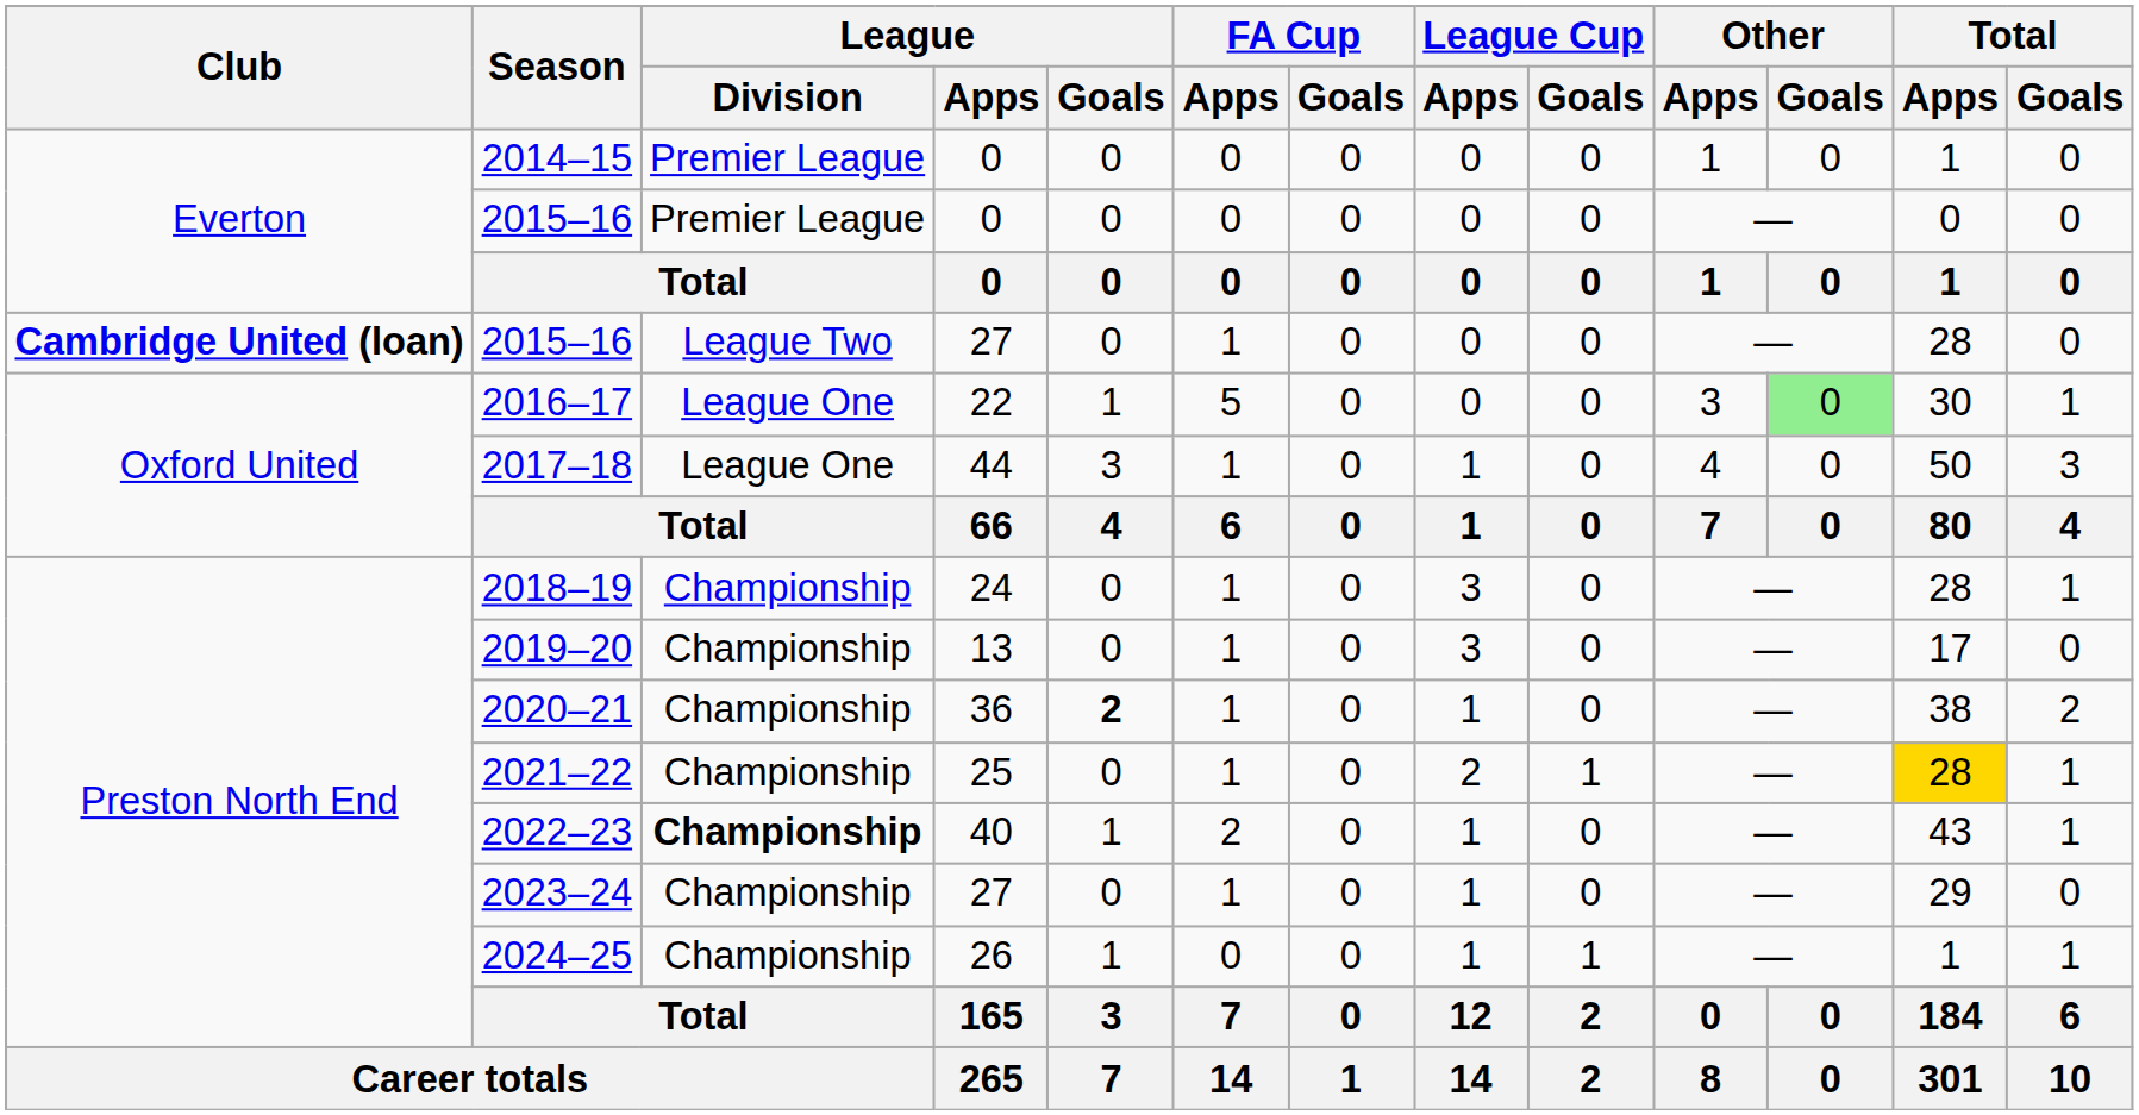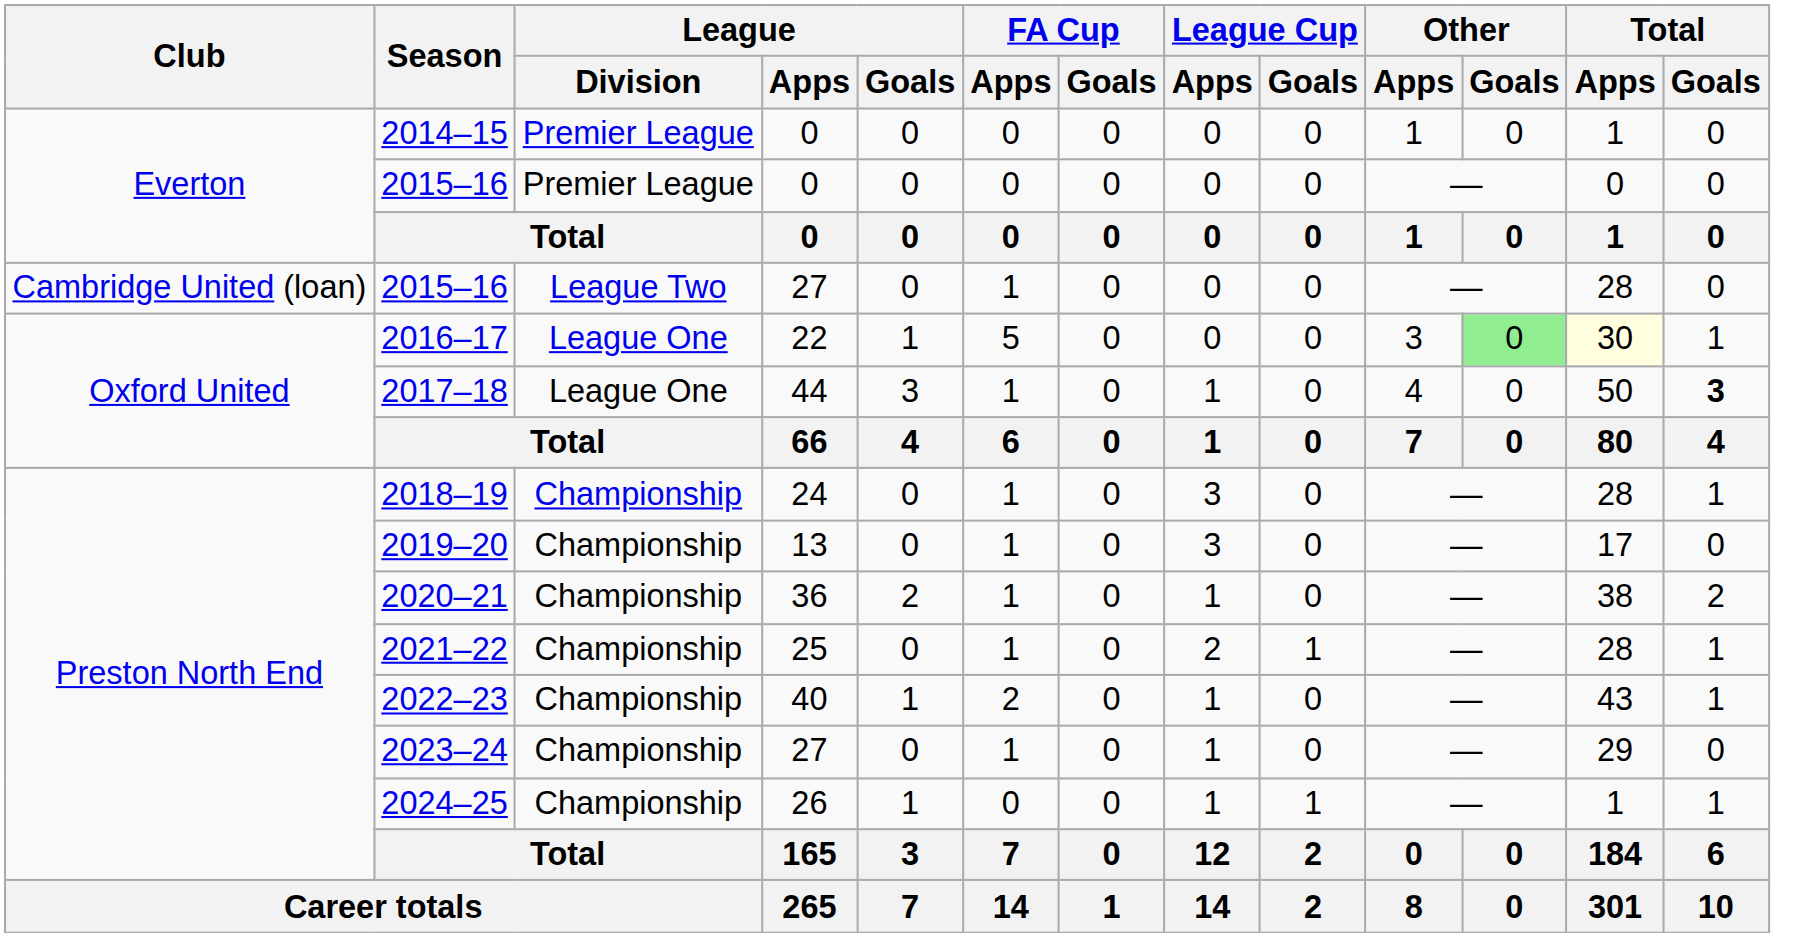 <table class="wikitable" style="text-align: center">
 <tr>
 <th rowspan="2">Club</th>
 <th rowspan="2">Season</th>
 <th colspan="3">League</th>
 <th colspan="2"><a href='#'>FA Cup</a></th>
 <th colspan="2"><a href='#'>League Cup</a></th>
 <th colspan="2">Other</th>
 <th colspan="2">Total</th>
 </tr>
 <tr>
 <th>Division</th>
 <th>Apps</th>
 <th>Goals</th>
 <th>Apps</th>
 <th>Goals</th>
 <th>Apps</th>
 <th>Goals</th>
 <th>Apps</th>
 <th>Goals</th>
 <th>Apps</th>
 <th>Goals</th>
 </tr>
 <tr>
 <td rowspan="3"><a href='#'>Everton</a></td>
 <td><a href='#'>2014–15</a></td>
 <td><a href='#'>Premier League</a></td>
 <td>0</td>
 <td>0</td>
 <td>0</td>
 <td>0</td>
 <td>0</td>
 <td>0</td>
 <td>1</td>
 <td>0</td>
 <td>1</td>
 <td>0</td>
 </tr>
 <tr>
 <td><a href='#'>2015–16</a></td>
 <td>Premier League</td>
 <td>0</td>
 <td>0</td>
 <td>0</td>
 <td>0</td>
 <td>0</td>
 <td>0</td>
 <td colspan=2>—</td>
 <td>0</td>
 <td>0</td>
 </tr>
 <tr>
 <th colspan=2>Total</th>
 <th>0</th>
 <th>0</th>
 <th>0</th>
 <th>0</th>
 <th>0</th>
 <th>0</th>
 <th>1</th>
 <th>0</th>
 <th>1</th>
 <th>0</th>
 </tr>
 <tr>
-<td><strong><a href='#'>Cambridge United</a> (loan)</strong></td>
+<td><a href='#'>Cambridge United</a> (loan)</td>
 <td><a href='#'>2015–16</a></td>
 <td><a href='#'>League Two</a></td>
 <td>27</td>
 <td>0</td>
 <td>1</td>
 <td>0</td>
 <td>0</td>
 <td>0</td>
 <td colspan=2>—</td>
 <td>28</td>
 <td>0</td>
 </tr>
 <tr>
 <td rowspan="3"><a href='#'>Oxford United</a></td>
 <td><a href='#'>2016–17</a></td>
 <td><a href='#'>League One</a></td>
 <td>22</td>
 <td>1</td>
 <td>5</td>
 <td>0</td>
 <td>0</td>
 <td>0</td>
 <td>3</td>
 <td style="background: lightgreen;">0</td>
-<td>30</td>
+<td style="background: lightyellow;">30</td>
 <td>1</td>
 </tr>
 <tr>
 <td><a href='#'>2017–18</a></td>
 <td>League One</td>
 <td>44</td>
 <td>3</td>
 <td>1</td>
 <td>0</td>
 <td>1</td>
 <td>0</td>
 <td>4</td>
 <td>0</td>
 <td>50</td>
-<td>3</td>
+<td><strong>3</strong></td>
 </tr>
 <tr>
 <th colspan=2>Total</th>
 <th>66</th>
 <th>4</th>
 <th>6</th>
 <th>0</th>
 <th>1</th>
 <th>0</th>
 <th>7</th>
 <th>0</th>
 <th>80</th>
 <th>4</th>
 </tr>
 <tr>
 <td rowspan="8"><a href='#'>Preston North End</a></td>
 <td><a href='#'>2018–19</a></td>
 <td><a href='#'>Championship</a></td>
 <td>24</td>
 <td>0</td>
 <td>1</td>
 <td>0</td>
 <td>3</td>
 <td>0</td>
 <td colspan=2>—</td>
 <td>28</td>
 <td>1</td>
 </tr>
 <tr>
 <td><a href='#'>2019–20</a></td>
 <td>Championship</td>
 <td>13</td>
 <td>0</td>
 <td>1</td>
 <td>0</td>
 <td>3</td>
 <td>0</td>
 <td colspan=2>—</td>
 <td>17</td>
 <td>0</td>
 </tr>
 <tr>
 <td><a href='#'>2020–21</a></td>
 <td>Championship</td>
 <td>36</td>
-<td><strong>2</strong></td>
+<td>2</td>
 <td>1</td>
 <td>0</td>
 <td>1</td>
 <td>0</td>
 <td colspan=2>—</td>
 <td>38</td>
 <td>2</td>
 </tr>
 <tr>
 <td><a href='#'>2021–22</a></td>
 <td>Championship</td>
 <td>25</td>
 <td>0</td>
 <td>1</td>
 <td>0</td>
 <td>2</td>
 <td>1</td>
 <td colspan=2>—</td>
-<td style="background: gold;">28</td>
+<td>28</td>
 <td>1</td>
 </tr>
 <tr>
 <td><a href='#'>2022–23</a></td>
-<td><strong>Championship</strong></td>
+<td>Championship</td>
 <td>40</td>
 <td>1</td>
 <td>2</td>
 <td>0</td>
 <td>1</td>
 <td>0</td>
 <td colspan="2">—</td>
 <td>43</td>
 <td>1</td>
 </tr>
 <tr>
 <td><a href='#'>2023–24</a></td>
 <td>Championship</td>
 <td>27</td>
 <td>0</td>
 <td>1</td>
 <td>0</td>
 <td>1</td>
 <td>0</td>
 <td colspan="2">—</td>
 <td>29</td>
 <td>0</td>
 </tr>
 <tr>
 <td><a href='#'>2024–25</a></td>
 <td>Championship</td>
 <td>26</td>
 <td>1</td>
 <td>0</td>
 <td>0</td>
 <td>1</td>
 <td>1</td>
 <td colspan="2">—</td>
 <td>1</td>
 <td>1</td>
 </tr>
 <tr>
 <th colspan="2">Total</th>
 <th>165</th>
 <th>3</th>
 <th>7</th>
 <th>0</th>
 <th>12</th>
 <th>2</th>
 <th>0</th>
 <th>0</th>
 <th>184</th>
 <th>6</th>
 </tr>
 <tr>
 <th colspan="3">Career totals</th>
 <th>265</th>
 <th>7</th>
 <th>14</th>
 <th>1</th>
 <th>14</th>
 <th>2</th>
 <th>8</th>
 <th>0</th>
 <th>301</th>
 <th>10</th>
 </tr>
 </table>
